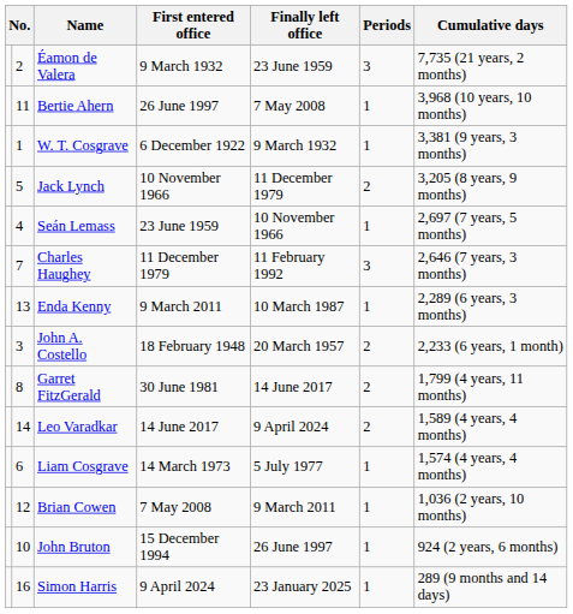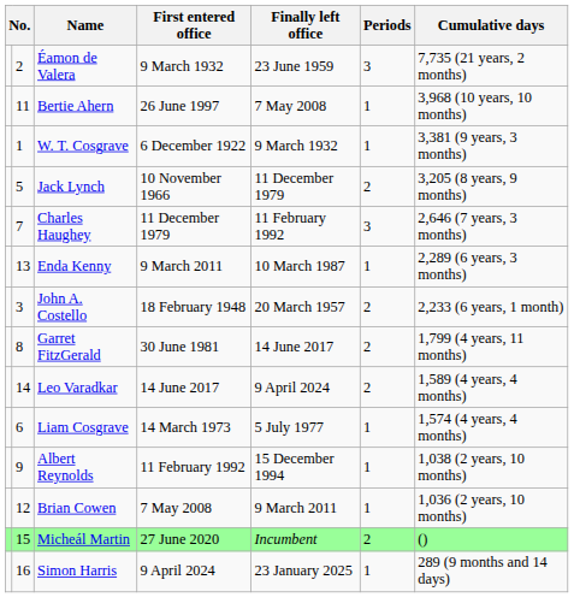 <table class="wikitable">
 <tr>
 <th colspan="2">No.</th>
 <th>Name</th>
 <th>First entered office</th>
 <th>Finally left office</th>
 <th>Periods</th>
 <th>Cumulative days</th>
 </tr>
 <tr>
 <td></td>
 <td>2</td>
 <td><a href='#'>Éamon de Valera</a></td>
 <td>9 March 1932</td>
 <td>23 June 1959</td>
 <td>3</td>
 <td>7,735 (21 years, 2 months)</td>
 </tr>
 <tr>
 <td></td>
 <td>11</td>
 <td><a href='#'>Bertie Ahern</a></td>
 <td>26 June 1997</td>
 <td>7 May 2008</td>
 <td>1</td>
 <td>3,968 (10 years, 10 months)</td>
 </tr>
 <tr>
 <td></td>
 <td>1</td>
 <td><a href='#'>W. T. Cosgrave</a></td>
 <td>6 December 1922</td>
 <td>9 March 1932</td>
 <td>1</td>
 <td>3,381 (9 years, 3 months)</td>
 </tr>
 <tr>
 <td></td>
 <td>5</td>
 <td><a href='#'>Jack Lynch</a></td>
 <td>10 November 1966</td>
 <td>11 December 1979</td>
 <td>2</td>
 <td>3,205 (8 years, 9 months)</td>
-</tr>
-<tr>
-<td></td>
-<td>4</td>
-<td><a href='#'>Seán Lemass</a></td>
-<td>23 June 1959</td>
-<td>10 November 1966</td>
-<td>1</td>
-<td>2,697 (7 years, 5 months)</td>
 </tr>
 <tr>
 <td></td>
 <td>7</td>
 <td><a href='#'>Charles Haughey</a></td>
 <td>11 December 1979</td>
 <td>11 February 1992</td>
 <td>3</td>
 <td>2,646 (7 years, 3 months)</td>
 </tr>
 <tr>
 <td></td>
 <td>13</td>
 <td><a href='#'>Enda Kenny</a></td>
 <td>9 March 2011</td>
 <td>10 March 1987</td>
 <td>1</td>
 <td>2,289 (6 years, 3 months)</td>
 </tr>
 <tr>
 <td></td>
 <td>3</td>
 <td><a href='#'>John A. Costello</a></td>
 <td>18 February 1948</td>
 <td>20 March 1957</td>
 <td>2</td>
 <td>2,233 (6 years, 1 month)</td>
 </tr>
 <tr>
 <td></td>
 <td>8</td>
 <td><a href='#'>Garret FitzGerald</a></td>
 <td>30 June 1981</td>
 <td>14 June 2017</td>
 <td>2</td>
 <td>1,799 (4 years, 11 months)</td>
 </tr>
 <tr>
 <td></td>
 <td>14</td>
 <td><a href='#'>Leo Varadkar</a></td>
 <td>14 June 2017</td>
 <td>9 April 2024</td>
 <td>2<br></td>
 <td>1,589 (4 years, 4 months)</td>
 </tr>
 <tr>
 <td></td>
 <td>6</td>
 <td><a href='#'>Liam Cosgrave</a></td>
 <td>14 March 1973</td>
 <td>5 July 1977</td>
 <td>1</td>
 <td>1,574 (4 years, 4 months)</td>
 </tr>
 <tr>
 <td></td>
+<td>9</td>
+<td><a href='#'>Albert Reynolds</a></td>
+<td>11 February 1992</td>
+<td>15 December 1994</td>
+<td>1</td>
+<td>1,038 (2 years, 10 months)</td>
+</tr>
+<tr>
+<td></td>
 <td>12</td>
 <td><a href='#'>Brian Cowen</a></td>
 <td>7 May 2008</td>
 <td>9 March 2011</td>
 <td>1</td>
 <td>1,036 (2 years, 10 months)</td>
 </tr>
-<tr>
+<tr bgcolor="99FF99">
 <td></td>
-<td>10</td>
-<td><a href='#'>John Bruton</a></td>
-<td>15 December 1994</td>
-<td>26 June 1997</td>
-<td>1</td>
-<td>924 (2 years, 6 months)</td>
+<td>15</td>
+<td><a href='#'>Micheál Martin</a></td>
+<td>27 June 2020</td>
+<td><em>Incumbent</em></td>
+<td>2<br></td>
+<td> ()</td>
 </tr>
 <tr>
 <td></td>
 <td>16</td>
 <td><a href='#'>Simon Harris</a></td>
 <td>9 April 2024</td>
 <td>23 January 2025</td>
 <td>1</td>
 <td>289 (9 months and 14 days)</td>
 </tr>
 </table>
